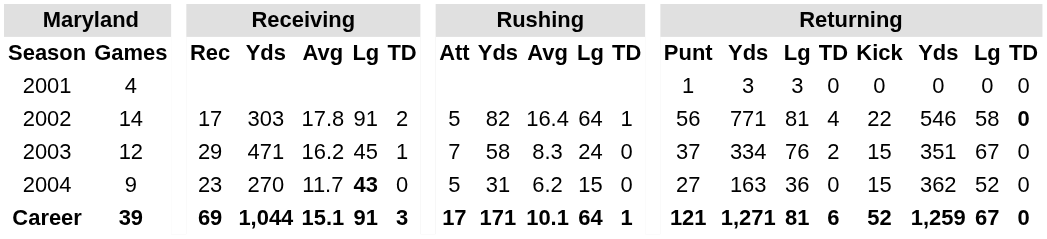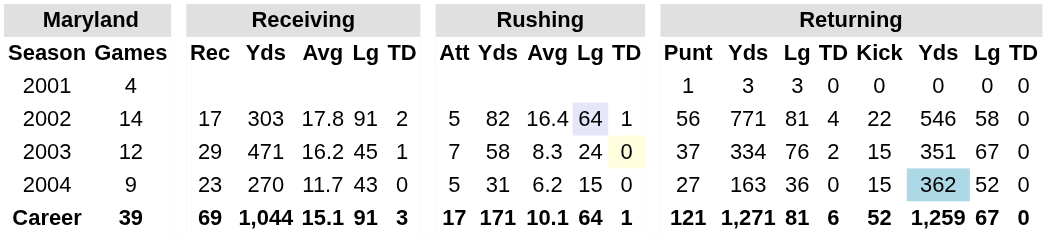 <table BORDER="0" CELLPADDING="3" CELLSPACING="0" ID="Table3" border="2">
 <tr ALIGN="center" bgcolor="#e0e0e0">
 <th ALIGN="center" colspan="2"> Maryland</th>
 <th ALIGN="center" rowspan="99" bgcolor="#ffffff"> </th>
 <th ALIGN="center" colspan="5">Receiving</th>
 <th ALIGN="center" rowspan="99" bgcolor="#ffffff"> </th>
 <th ALIGN="center" colspan="5">Rushing</th>
 <th ALIGN="center" rowspan="99" bgcolor="#ffffff"> </th>
 <th ALIGN="center" colspan="8">Returning</th>
 </tr>
 <tr ALIGN="center">
 <th ALIGN="center">Season</th>
 <th ALIGN="center">Games</th>
 <th ALIGN="center">Rec</th>
 <th ALIGN="center">Yds</th>
 <th ALIGN="center">Avg</th>
 <th ALIGN="center">Lg</th>
 <th ALIGN="center">TD</th>
 <th ALIGN="center">Att</th>
 <th ALIGN="center">Yds</th>
 <th ALIGN="center">Avg</th>
 <th ALIGN="center">Lg</th>
 <th ALIGN="center">TD</th>
 <th ALIGN="center">Punt</th>
 <th ALIGN="center">Yds</th>
 <th ALIGN="center">Lg</th>
 <th ALIGN="center">TD</th>
 <th ALIGN="center">Kick</th>
 <th ALIGN="center">Yds</th>
 <th ALIGN="center">Lg</th>
 <th ALIGN="center">TD</th>
 </tr>
 <tr ALIGN="center">
 <td ALIGN="center">2001</td>
 <td ALIGN="center">4</td>
 <td ALIGN="center" colspan=5></td>
 <td ALIGN="center" colspan=5></td>
 <td ALIGN="center">1</td>
 <td ALIGN="center">3</td>
 <td ALIGN="center">3</td>
 <td ALIGN="center">0</td>
 <td ALIGN="center">0</td>
 <td ALIGN="center">0</td>
 <td ALIGN="center">0</td>
 <td ALIGN="center">0</td>
 </tr>
 <tr ALIGN="center">
 <td ALIGN="center">2002</td>
 <td ALIGN="center">14</td>
 <td ALIGN="center">17</td>
 <td ALIGN="center">303</td>
 <td ALIGN="center">17.8</td>
 <td ALIGN="center">91</td>
 <td ALIGN="center">2</td>
 <td ALIGN="center">5</td>
 <td ALIGN="center">82</td>
 <td ALIGN="center">16.4</td>
-<td ALIGN="center">64</td>
+<td ALIGN="center" style="background: lavender;">64</td>
 <td ALIGN="center">1</td>
 <td ALIGN="center">56</td>
 <td ALIGN="center">771</td>
 <td ALIGN="center">81</td>
 <td ALIGN="center">4</td>
 <td ALIGN="center">22</td>
 <td ALIGN="center">546</td>
 <td ALIGN="center">58</td>
-<td ALIGN="center"><strong>0</strong></td>
+<td ALIGN="center">0</td>
 </tr>
 <tr ALIGN="center">
 <td ALIGN="center">2003</td>
 <td ALIGN="center">12</td>
 <td ALIGN="center">29</td>
 <td ALIGN="center">471</td>
 <td ALIGN="center">16.2</td>
 <td ALIGN="center">45</td>
 <td ALIGN="center">1</td>
 <td ALIGN="center">7</td>
 <td ALIGN="center">58</td>
 <td ALIGN="center">8.3</td>
 <td ALIGN="center">24</td>
-<td ALIGN="center">0</td>
+<td ALIGN="center" style="background: lightyellow;">0</td>
 <td ALIGN="center">37</td>
 <td ALIGN="center">334</td>
 <td ALIGN="center">76</td>
 <td ALIGN="center">2</td>
 <td ALIGN="center">15</td>
 <td ALIGN="center">351</td>
 <td ALIGN="center">67</td>
 <td ALIGN="center">0</td>
 </tr>
 <tr ALIGN="center">
 <td ALIGN="center">2004</td>
 <td ALIGN="center">9</td>
 <td ALIGN="center">23</td>
 <td ALIGN="center">270</td>
 <td ALIGN="center">11.7</td>
-<td ALIGN="center"><strong>43</strong></td>
+<td ALIGN="center">43</td>
 <td ALIGN="center">0</td>
 <td ALIGN="center">5</td>
 <td ALIGN="center">31</td>
 <td ALIGN="center">6.2</td>
 <td ALIGN="center">15</td>
 <td ALIGN="center">0</td>
 <td ALIGN="center">27</td>
 <td ALIGN="center">163</td>
 <td ALIGN="center">36</td>
 <td ALIGN="center">0</td>
 <td ALIGN="center">15</td>
-<td ALIGN="center">362</td>
+<td ALIGN="center" style="background: lightblue;">362</td>
 <td ALIGN="center">52</td>
 <td ALIGN="center">0</td>
 </tr>
 <tr ALIGN="center">
 <th ALIGN="center">Career</th>
 <th ALIGN="center">39</th>
 <th ALIGN="center">69</th>
 <th ALIGN="center">1,044</th>
 <th ALIGN="center">15.1</th>
 <th ALIGN="center">91</th>
 <th ALIGN="center">3</th>
 <th ALIGN="center">17</th>
 <th ALIGN="center">171</th>
 <th ALIGN="center">10.1</th>
 <th ALIGN="center">64</th>
 <th ALIGN="center">1</th>
 <th ALIGN="center">121</th>
 <th ALIGN="center">1,271</th>
 <th ALIGN="center">81</th>
 <th ALIGN="center">6</th>
 <th ALIGN="center">52</th>
 <th ALIGN="center">1,259</th>
 <th ALIGN="center">67</th>
 <th ALIGN="center">0</th>
 </tr>
 </table>
